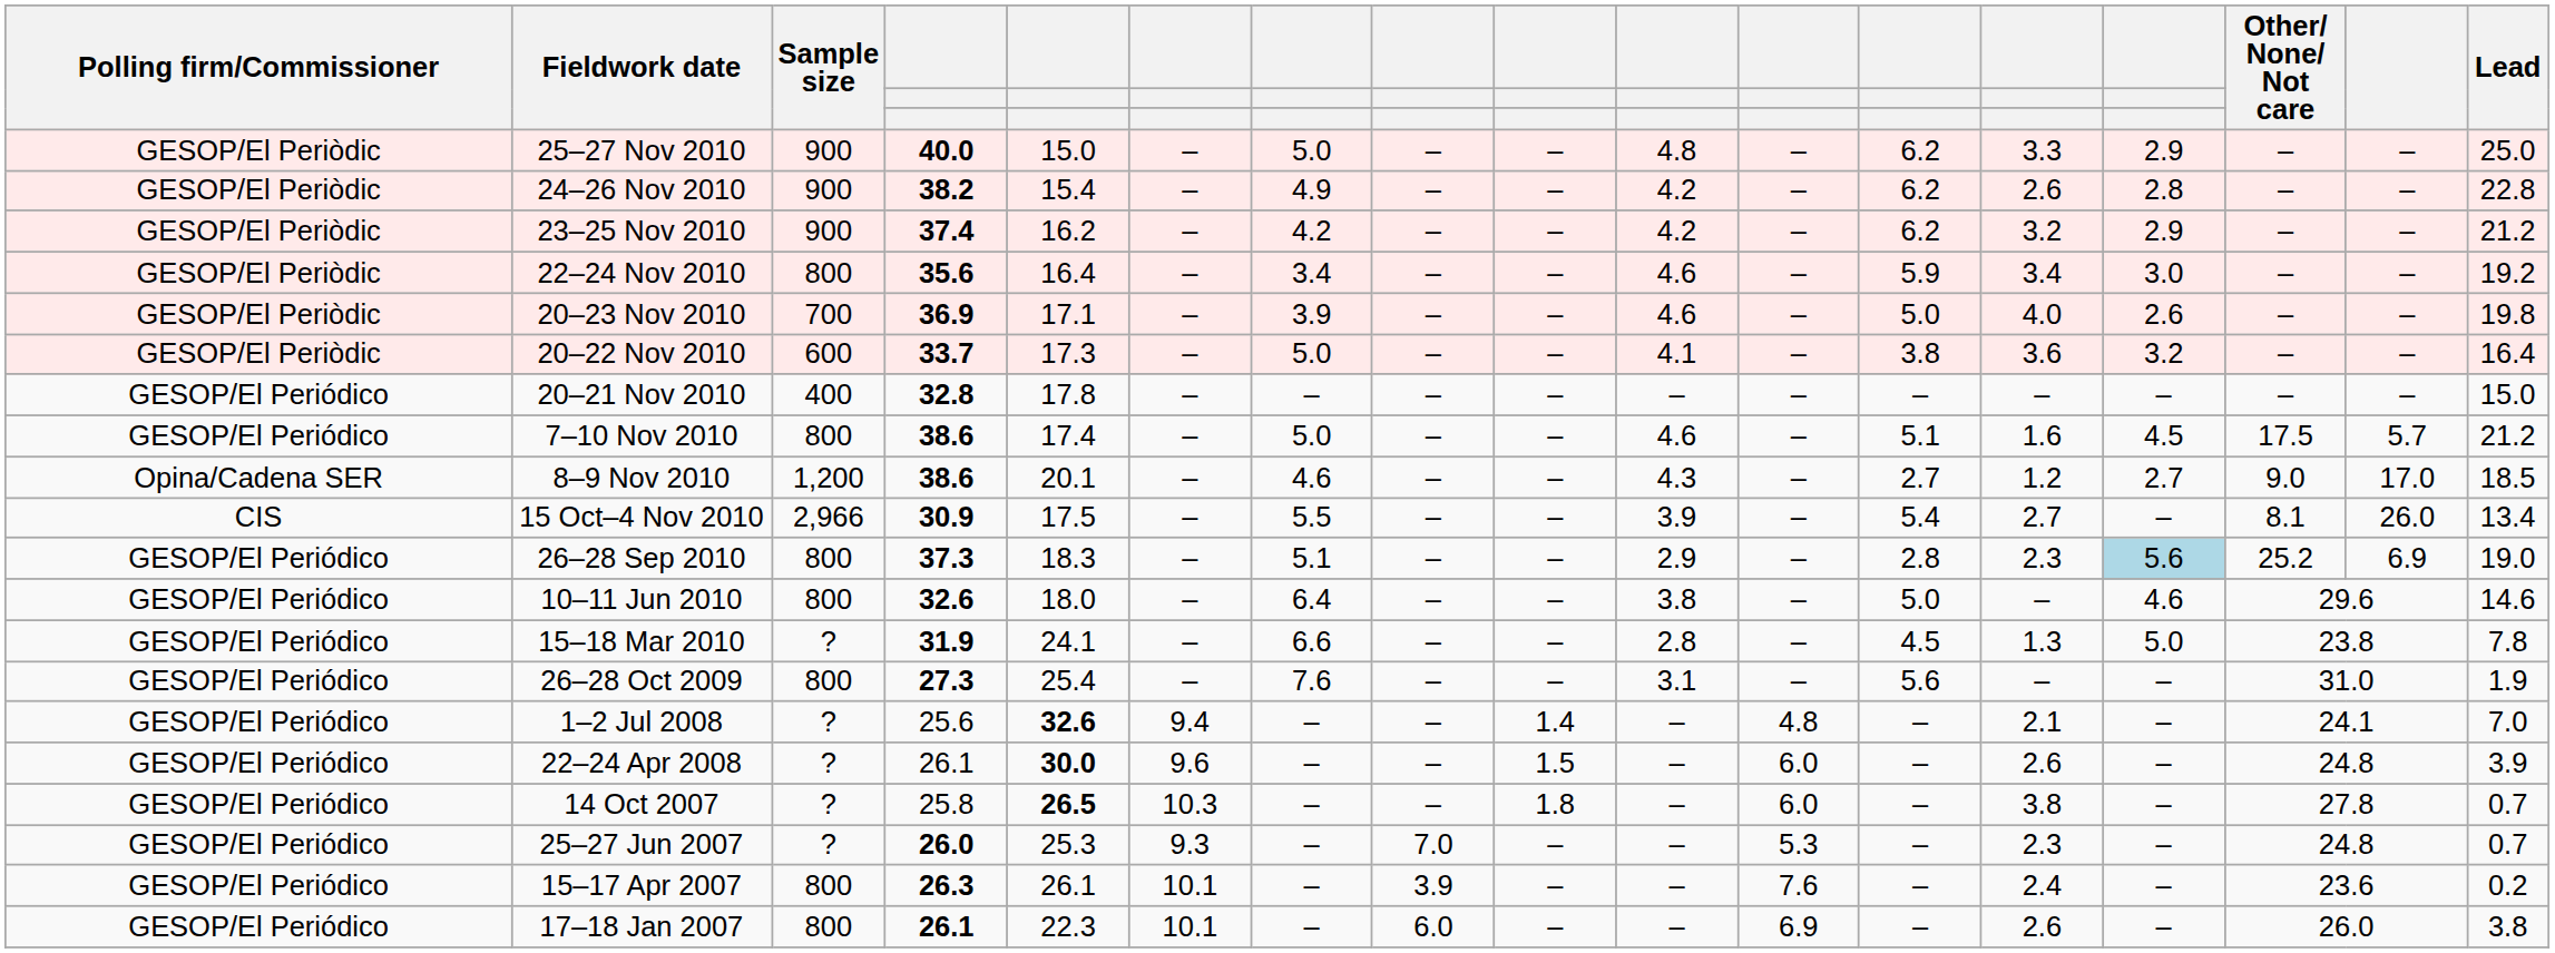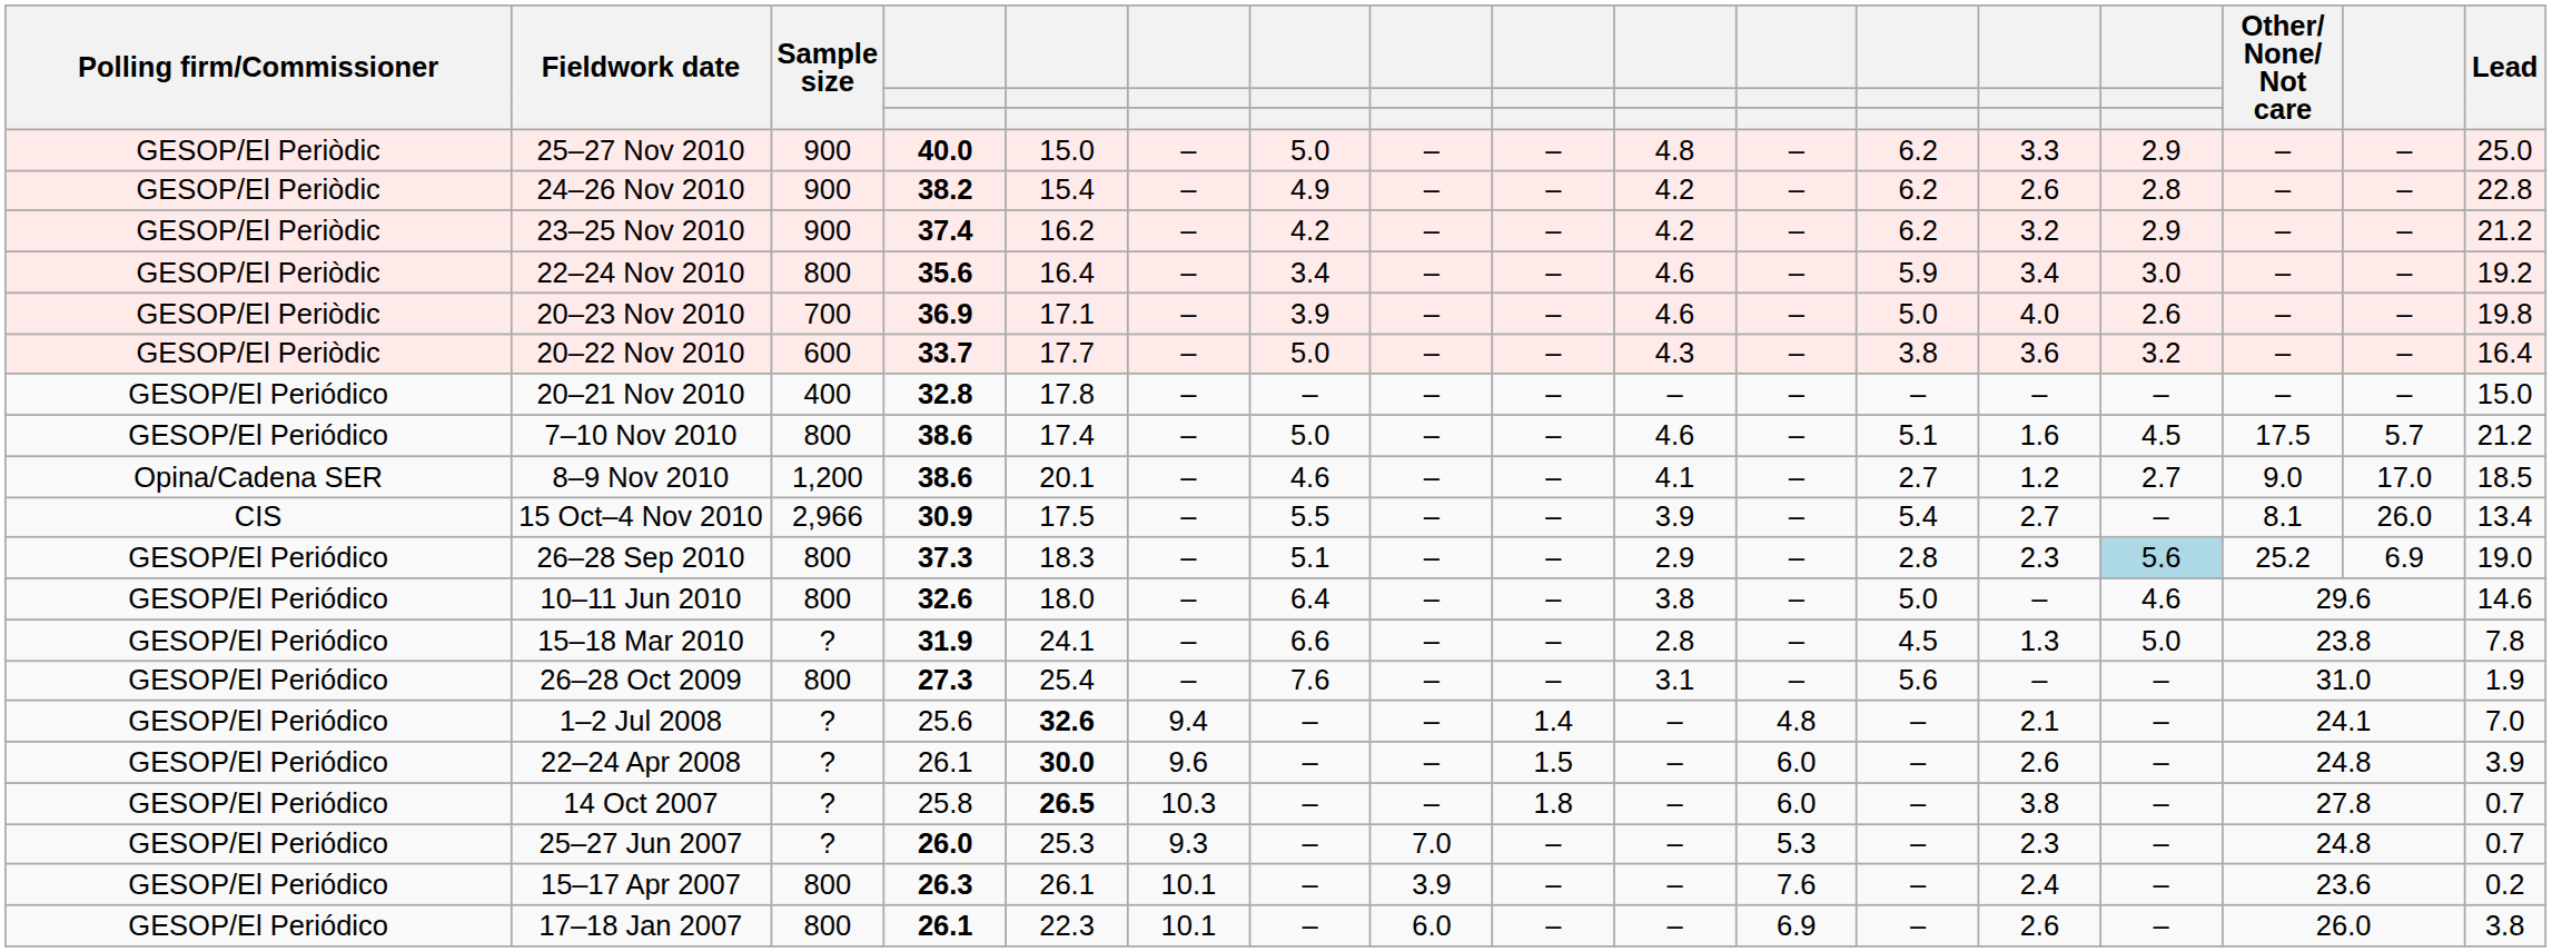 <table class="wikitable collapsible collapsed" style="text-align:center; font-size:90%; line-height:14px;">
 <tr style="height:42px;">
 <th style="width:250px;" rowspan="3">Polling firm/Commissioner</th>
 <th style="width:125px;" rowspan="3">Fieldwork date</th>
 <th style="width:50px;" rowspan="3">Sample size</th>
 <th style="width:55px;"></th>
 <th style="width:55px;"></th>
 <th style="width:55px;"></th>
 <th style="width:55px;"></th>
 <th style="width:55px;"></th>
 <th style="width:55px;"></th>
 <th style="width:55px;"></th>
 <th style="width:55px;"></th>
 <th style="width:55px;"></th>
 <th style="width:55px;"></th>
 <th style="width:55px;"></th>
 <th style="width:55px;" rowspan="3">Other/<br>None/<br>Not<br>care</th>
 <th style="width:55px;" rowspan="3"></th>
 <th style="width:30px;" rowspan="3">Lead</th>
 </tr>
 <tr>
 <th style="color:inherit;background:"></th>
 <th style="color:inherit;background:"></th>
 <th style="color:inherit;background:"></th>
 <th style="color:inherit;background:"></th>
 <th style="color:inherit;background:"></th>
 <th style="color:inherit;background:"></th>
 <th style="color:inherit;background:"></th>
 <th style="color:inherit;background:"></th>
 <th style="color:inherit;background:"></th>
 <th style="color:inherit;background:"></th>
 <th style="color:inherit;background:"></th>
 </tr>
 <tr>
 <th></th>
 <th></th>
 <th></th>
 <th></th>
 <th></th>
 <th></th>
 <th></th>
 <th></th>
 <th></th>
 <th></th>
 <th></th>
 </tr>
 <tr style="background:#FFEAEA;">
 <td>GESOP/El Periòdic</td>
 <td>25–27 Nov 2010</td>
 <td>900</td>
 <td><strong>40.0</strong></td>
 <td>15.0</td>
 <td>–</td>
 <td>5.0</td>
 <td>–</td>
 <td>–</td>
 <td>4.8</td>
 <td>–</td>
 <td>6.2</td>
 <td>3.3</td>
 <td>2.9</td>
 <td>–</td>
 <td>–</td>
 <td style="background:">25.0</td>
 </tr>
 <tr style="background:#FFEAEA;">
 <td>GESOP/El Periòdic</td>
 <td>24–26 Nov 2010</td>
 <td>900</td>
 <td><strong>38.2</strong></td>
 <td>15.4</td>
 <td>–</td>
 <td>4.9</td>
 <td>–</td>
 <td>–</td>
 <td>4.2</td>
 <td>–</td>
 <td>6.2</td>
 <td>2.6</td>
 <td>2.8</td>
 <td>–</td>
 <td>–</td>
 <td style="background:">22.8</td>
 </tr>
 <tr style="background:#FFEAEA;">
 <td>GESOP/El Periòdic</td>
 <td>23–25 Nov 2010</td>
 <td>900</td>
 <td><strong>37.4</strong></td>
 <td>16.2</td>
 <td>–</td>
 <td>4.2</td>
 <td>–</td>
 <td>–</td>
 <td>4.2</td>
 <td>–</td>
 <td>6.2</td>
 <td>3.2</td>
 <td>2.9</td>
 <td>–</td>
 <td>–</td>
 <td style="background:">21.2</td>
 </tr>
 <tr style="background:#FFEAEA;">
 <td>GESOP/El Periòdic</td>
 <td>22–24 Nov 2010</td>
 <td>800</td>
 <td><strong>35.6</strong></td>
 <td>16.4</td>
 <td>–</td>
 <td>3.4</td>
 <td>–</td>
 <td>–</td>
 <td>4.6</td>
 <td>–</td>
 <td>5.9</td>
 <td>3.4</td>
 <td>3.0</td>
 <td>–</td>
 <td>–</td>
 <td style="background:">19.2</td>
 </tr>
 <tr style="background:#FFEAEA;">
 <td>GESOP/El Periòdic</td>
 <td>20–23 Nov 2010</td>
 <td>700</td>
 <td><strong>36.9</strong></td>
 <td>17.1</td>
 <td>–</td>
 <td>3.9</td>
 <td>–</td>
 <td>–</td>
 <td>4.6</td>
 <td>–</td>
 <td>5.0</td>
 <td>4.0</td>
 <td>2.6</td>
 <td>–</td>
 <td>–</td>
 <td style="background:">19.8</td>
 </tr>
 <tr style="background:#FFEAEA;">
 <td>GESOP/El Periòdic</td>
 <td>20–22 Nov 2010</td>
 <td>600</td>
 <td><strong>33.7</strong></td>
-<td>17.3</td>
+<td>17.7</td>
 <td>–</td>
 <td>5.0</td>
 <td>–</td>
 <td>–</td>
-<td>4.1</td>
+<td>4.3</td>
 <td>–</td>
 <td>3.8</td>
 <td>3.6</td>
 <td>3.2</td>
 <td>–</td>
 <td>–</td>
 <td style="background:">16.4</td>
 </tr>
 <tr>
 <td>GESOP/El Periódico</td>
 <td>20–21 Nov 2010</td>
 <td>400</td>
 <td><strong>32.8</strong></td>
 <td>17.8</td>
 <td>–</td>
 <td>–</td>
 <td>–</td>
 <td>–</td>
 <td>–</td>
 <td>–</td>
 <td>–</td>
 <td>–</td>
 <td>–</td>
 <td>–</td>
 <td>–</td>
 <td style="background:">15.0</td>
 </tr>
 <tr>
 <td>GESOP/El Periódico</td>
 <td>7–10 Nov 2010</td>
 <td>800</td>
 <td><strong>38.6</strong></td>
 <td>17.4</td>
 <td>–</td>
 <td>5.0</td>
 <td>–</td>
 <td>–</td>
 <td>4.6</td>
 <td>–</td>
 <td>5.1</td>
 <td>1.6</td>
 <td>4.5</td>
 <td>17.5</td>
 <td>5.7</td>
 <td style="background:">21.2</td>
 </tr>
 <tr>
 <td>Opina/Cadena SER</td>
 <td>8–9 Nov 2010</td>
 <td>1,200</td>
 <td><strong>38.6</strong></td>
 <td>20.1</td>
 <td>–</td>
 <td>4.6</td>
 <td>–</td>
 <td>–</td>
-<td>4.3</td>
+<td>4.1</td>
 <td>–</td>
 <td>2.7</td>
 <td>1.2</td>
 <td>2.7</td>
 <td>9.0</td>
 <td>17.0</td>
 <td style="background:">18.5</td>
 </tr>
 <tr>
 <td>CIS</td>
 <td>15 Oct–4 Nov 2010</td>
 <td>2,966</td>
 <td><strong>30.9</strong></td>
 <td>17.5</td>
 <td>–</td>
 <td>5.5</td>
 <td>–</td>
 <td>–</td>
 <td>3.9</td>
 <td>–</td>
 <td>5.4</td>
 <td>2.7</td>
 <td>–</td>
 <td>8.1</td>
 <td>26.0</td>
 <td style="background:">13.4</td>
 </tr>
 <tr>
 <td>GESOP/El Periódico</td>
 <td>26–28 Sep 2010</td>
 <td>800</td>
 <td><strong>37.3</strong></td>
 <td>18.3</td>
 <td>–</td>
 <td>5.1</td>
 <td>–</td>
 <td>–</td>
 <td>2.9</td>
 <td>–</td>
 <td>2.8</td>
 <td>2.3</td>
 <td style="background: lightblue;">5.6</td>
 <td>25.2</td>
 <td>6.9</td>
 <td style="background:">19.0</td>
 </tr>
 <tr>
 <td>GESOP/El Periódico</td>
 <td>10–11 Jun 2010</td>
 <td>800</td>
 <td><strong>32.6</strong></td>
 <td>18.0</td>
 <td>–</td>
 <td>6.4</td>
 <td>–</td>
 <td>–</td>
 <td>3.8</td>
 <td>–</td>
 <td>5.0</td>
 <td>–</td>
 <td>4.6</td>
 <td colspan="2">29.6</td>
 <td style="background:">14.6</td>
 </tr>
 <tr>
 <td>GESOP/El Periódico</td>
 <td>15–18 Mar 2010</td>
 <td>?</td>
 <td><strong>31.9</strong></td>
 <td>24.1</td>
 <td>–</td>
 <td>6.6</td>
 <td>–</td>
 <td>–</td>
 <td>2.8</td>
 <td>–</td>
 <td>4.5</td>
 <td>1.3</td>
 <td>5.0</td>
 <td colspan="2">23.8</td>
 <td style="background:">7.8</td>
 </tr>
 <tr>
 <td>GESOP/El Periódico</td>
 <td>26–28 Oct 2009</td>
 <td>800</td>
 <td><strong>27.3</strong></td>
 <td>25.4</td>
 <td>–</td>
 <td>7.6</td>
 <td>–</td>
 <td>–</td>
 <td>3.1</td>
 <td>–</td>
 <td>5.6</td>
 <td>–</td>
 <td>–</td>
 <td colspan="2">31.0</td>
 <td style="background:">1.9</td>
 </tr>
 <tr>
 <td>GESOP/El Periódico</td>
 <td>1–2 Jul 2008</td>
 <td>?</td>
 <td>25.6</td>
 <td><strong>32.6</strong></td>
 <td>9.4</td>
 <td>–</td>
 <td>–</td>
 <td>1.4</td>
 <td>–</td>
 <td>4.8</td>
 <td>–</td>
 <td>2.1</td>
 <td>–</td>
 <td colspan="2">24.1</td>
 <td style="background:">7.0</td>
 </tr>
 <tr>
 <td>GESOP/El Periódico</td>
 <td>22–24 Apr 2008</td>
 <td>?</td>
 <td>26.1</td>
 <td><strong>30.0</strong></td>
 <td>9.6</td>
 <td>–</td>
 <td>–</td>
 <td>1.5</td>
 <td>–</td>
 <td>6.0</td>
 <td>–</td>
 <td>2.6</td>
 <td>–</td>
 <td colspan="2">24.8</td>
 <td style="background:">3.9</td>
 </tr>
 <tr>
 <td>GESOP/El Periódico</td>
 <td>14 Oct 2007</td>
 <td>?</td>
 <td>25.8</td>
 <td><strong>26.5</strong></td>
 <td>10.3</td>
 <td>–</td>
 <td>–</td>
 <td>1.8</td>
 <td>–</td>
 <td>6.0</td>
 <td>–</td>
 <td>3.8</td>
 <td>–</td>
 <td colspan="2">27.8</td>
 <td style="background:">0.7</td>
 </tr>
 <tr>
 <td>GESOP/El Periódico</td>
 <td>25–27 Jun 2007</td>
 <td>?</td>
 <td><strong>26.0</strong></td>
 <td>25.3</td>
 <td>9.3</td>
 <td>–</td>
 <td>7.0</td>
 <td>–</td>
 <td>–</td>
 <td>5.3</td>
 <td>–</td>
 <td>2.3</td>
 <td>–</td>
 <td colspan="2">24.8</td>
 <td style="background:">0.7</td>
 </tr>
 <tr>
 <td>GESOP/El Periódico</td>
 <td>15–17 Apr 2007</td>
 <td>800</td>
 <td><strong>26.3</strong></td>
 <td>26.1</td>
 <td>10.1</td>
 <td>–</td>
 <td>3.9</td>
 <td>–</td>
 <td>–</td>
 <td>7.6</td>
 <td>–</td>
 <td>2.4</td>
 <td>–</td>
 <td colspan="2">23.6</td>
 <td style="background:">0.2</td>
 </tr>
 <tr>
 <td>GESOP/El Periódico</td>
 <td>17–18 Jan 2007</td>
 <td>800</td>
 <td><strong>26.1</strong></td>
 <td>22.3</td>
 <td>10.1</td>
 <td>–</td>
 <td>6.0</td>
 <td>–</td>
 <td>–</td>
 <td>6.9</td>
 <td>–</td>
 <td>2.6</td>
 <td>–</td>
 <td colspan="2">26.0</td>
 <td style="background:">3.8</td>
 </tr>
 </table>
